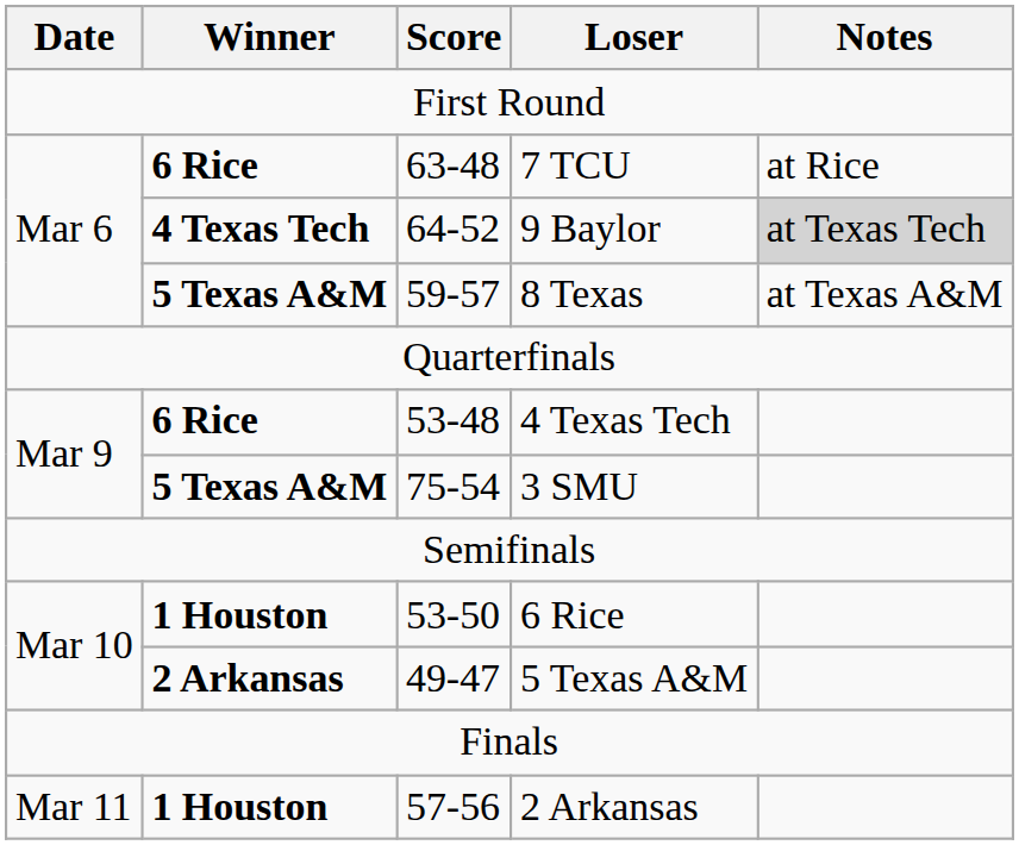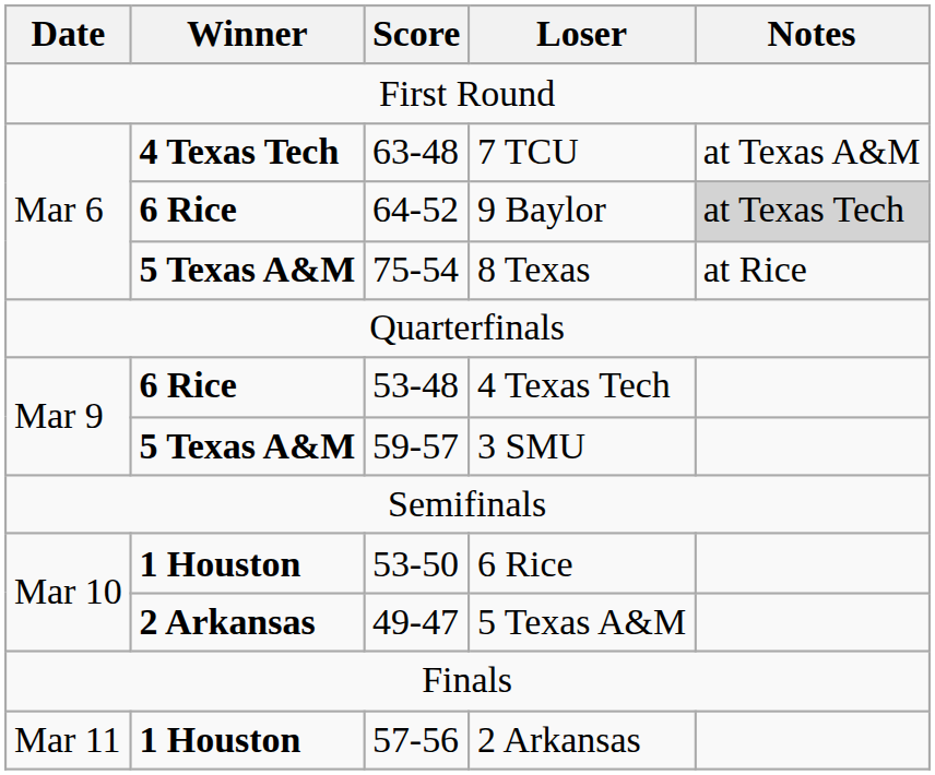 <table class=wikitable>
 <tr>
 <th>Date</th>
 <th>Winner</th>
 <th>Score</th>
 <th>Loser</th>
 <th>Notes</th>
 </tr>
 <tr>
 <td colspan="5" ; style="text-align: center">First Round</td>
 </tr>
 <tr>
 <td rowspan ="3">Mar 6</td>
-<td><strong>6 Rice</strong></td>
+<td><strong>4 Texas Tech</strong></td>
 <td>63-48</td>
 <td>7 TCU</td>
-<td>at Rice</td>
+<td>at Texas A&M</td>
 </tr>
 <tr>
-<td><strong>4 Texas Tech</strong></td>
+<td><strong>6 Rice</strong></td>
 <td>64-52</td>
 <td>9 Baylor</td>
 <td style="background: lightgrey;">at Texas Tech</td>
 </tr>
 <tr>
 <td><strong>5 Texas A&M</strong></td>
-<td>59-57</td>
+<td>75-54</td>
 <td>8 Texas</td>
-<td>at Texas A&M</td>
+<td>at Rice</td>
 </tr>
 <tr>
 <td colspan="5" ; style="text-align: center">Quarterfinals</td>
 </tr>
 <tr>
 <td rowspan ="2">Mar 9</td>
 <td><strong>6 Rice</strong></td>
 <td>53-48</td>
 <td>4 Texas Tech</td>
 <td></td>
 </tr>
 <tr>
 <td><strong>5 Texas A&M</strong></td>
-<td>75-54</td>
+<td>59-57</td>
 <td>3 SMU</td>
 <td></td>
 </tr>
 <tr>
 <td colspan="5" ; style="text-align: center">Semifinals</td>
 </tr>
 <tr>
 <td rowspan ="2">Mar 10</td>
 <td><strong>1 Houston</strong></td>
 <td>53-50</td>
 <td>6 Rice</td>
 <td></td>
 </tr>
 <tr>
 <td><strong>2 Arkansas</strong></td>
 <td>49-47</td>
 <td>5 Texas A&M</td>
 <td></td>
 </tr>
 <tr>
 <td colspan="5" ; style="text-align: center">Finals</td>
 </tr>
 <tr>
 <td>Mar 11</td>
 <td><strong>1 Houston</strong></td>
 <td>57-56</td>
 <td>2 Arkansas</td>
 <td></td>
 </tr>
 </table>
